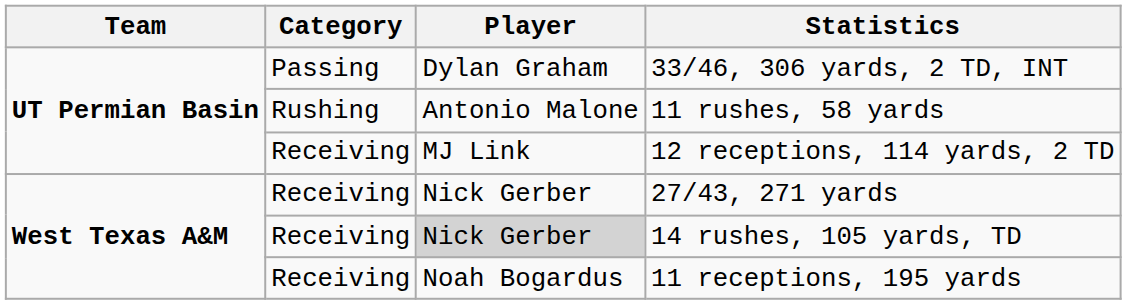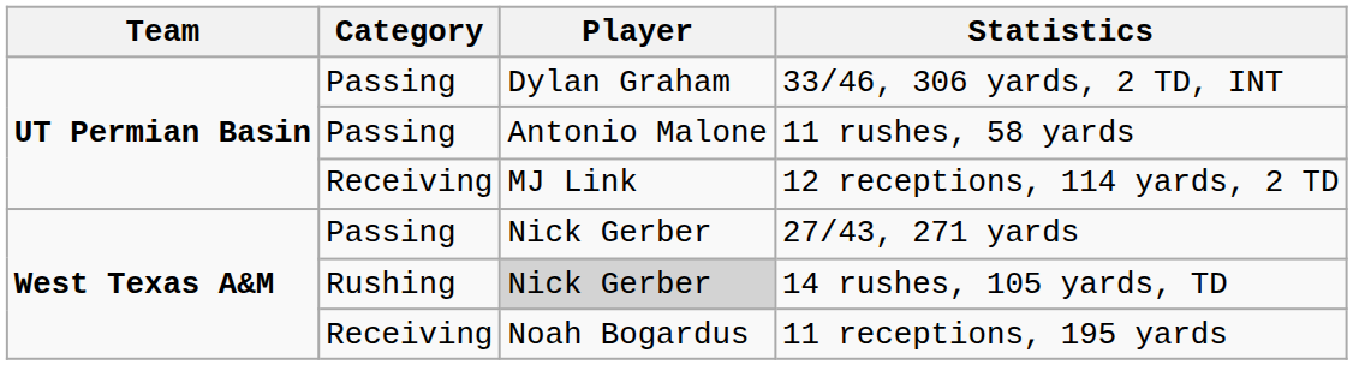 <table class="wikitable" style="float: right;">
 <tr>
 <th>Team</th>
 <th>Category</th>
 <th>Player</th>
 <th>Statistics</th>
 </tr>
 <tr>
 <td rowspan=3><strong>UT Permian Basin</strong></td>
 <td>Passing</td>
 <td>Dylan Graham</td>
 <td>33/46, 306 yards, 2 TD, INT</td>
 </tr>
 <tr>
-<td>Rushing</td>
+<td>Passing</td>
 <td>Antonio Malone</td>
 <td>11 rushes, 58 yards</td>
 </tr>
 <tr>
 <td>Receiving</td>
 <td>MJ Link</td>
 <td>12 receptions, 114 yards, 2 TD</td>
 </tr>
 <tr>
 <td rowspan=3><strong>West Texas A&M</strong></td>
-<td>Receiving</td>
+<td>Passing</td>
 <td>Nick Gerber</td>
 <td>27/43, 271 yards</td>
 </tr>
 <tr>
-<td>Receiving</td>
+<td>Rushing</td>
 <td style="background: lightgrey;">Nick Gerber</td>
 <td>14 rushes, 105 yards, TD</td>
 </tr>
 <tr>
 <td>Receiving</td>
 <td>Noah Bogardus</td>
 <td>11 receptions, 195 yards</td>
 </tr>
 </table>
